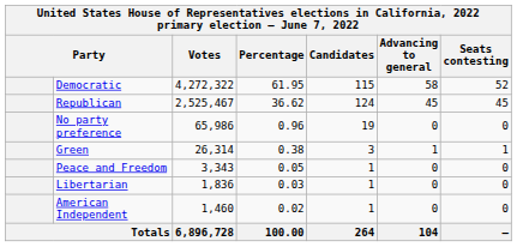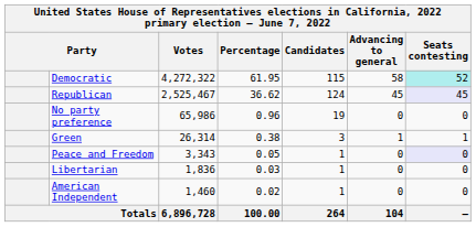 <table class="wikitable" style="font-size: 95%;">
 <tr>
 <th colspan="7">United States House of Representatives elections in California, 2022<br>primary election — June 7, 2022</th>
 </tr>
 <tr>
 <th colspan=2 style="width: 15em">Party</th>
 <th style="width: 5em">Votes</th>
 <th style="width: 5em">Percentage</th>
 <th style="width: 5em">Candidates</th>
 <th style="width: 5em">Advancing to general</th>
 <th style="width: 5em">Seats contesting</th>
 </tr>
 <tr>
 <th style="background:"></th>
 <td style="width: 130px"><a href='#'>Democratic</a></td>
 <td style="text-align:right;">4,272,322</td>
 <td style="text-align:right;">61.95</td>
 <td style="text-align:right;">115</td>
 <td style="text-align:right;">58</td>
-<td style="text-align:right;">52</td>
+<td style="background: paleturquoise; text-align:right;">52</td>
 </tr>
 <tr>
 <th style="background:"></th>
 <td style="width: 130px"><a href='#'>Republican</a></td>
 <td style="text-align:right;">2,525,467</td>
 <td style="text-align:right;">36.62</td>
 <td style="text-align:right;">124</td>
 <td style="text-align:right;">45</td>
-<td style="text-align:right;">45</td>
+<td style="background: lavender; text-align:right;">45</td>
 </tr>
 <tr>
 <th style="background:"></th>
 <td style="width: 130px"><a href='#'>No party preference</a></td>
 <td style="text-align:right;">65,986</td>
 <td style="text-align:right;">0.96</td>
 <td style="text-align:right;">19</td>
 <td style="text-align:right;">0</td>
 <td style="text-align:right;">0</td>
 </tr>
 <tr>
 <th style="background:"></th>
 <td style="width: 130px"><a href='#'>Green</a></td>
 <td style="text-align:right;">26,314</td>
 <td style="text-align:right;">0.38</td>
 <td style="text-align:right;">3</td>
 <td style="text-align:right;">1</td>
 <td style="text-align:right;">1</td>
 </tr>
 <tr>
 <th style="background:"></th>
 <td style="width: 130px"><a href='#'>Peace and Freedom</a></td>
 <td style="text-align:right;">3,343</td>
 <td style="text-align:right;">0.05</td>
 <td style="text-align:right;">1</td>
 <td style="text-align:right;">0</td>
-<td style="text-align:right;">0</td>
+<td style="background: lavender; text-align:right;">0</td>
 </tr>
 <tr>
 <th style="background:"></th>
 <td style="width: 130px"><a href='#'>Libertarian</a></td>
 <td style="text-align:right;">1,836</td>
 <td style="text-align:right;">0.03</td>
 <td style="text-align:right;">1</td>
 <td style="text-align:right;">0</td>
 <td style="text-align:right;">0</td>
 </tr>
 <tr>
 <th style="background:"></th>
 <td style="width: 130px"><a href='#'>American Independent</a></td>
 <td style="text-align:right;">1,460</td>
 <td style="text-align:right;">0.02</td>
 <td style="text-align:right;">1</td>
 <td style="text-align:right;">0</td>
 <td style="text-align:right;">0</td>
 </tr>
 <tr style="background:#eee;">
 <th colspan="2" style="text-align:right;">Totals</th>
 <th style="text-align:right;">6,896,728</th>
 <th style="text-align:right;">100.00</th>
 <th style="text-align:right;">264</th>
 <th style="text-align:right;">104</th>
 <th style="text-align:right;">—</th>
 </tr>
 </table>
